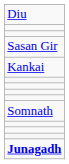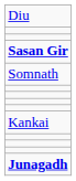 <table class="wikitable">
 <tr>
 <td><a href='#'>Diu</a></td>
 </tr>
 <tr>
 <td></td>
 </tr>
 <tr>
 <td></td>
 </tr>
 <tr>
-<td><a href='#'>Sasan Gir</a></td>
+<td><strong><a href='#'>Sasan Gir</a></strong></td>
+</tr>
+<tr>
+<td><a href='#'>Somnath</a></td>
+</tr>
+<tr>
+<td></td>
+</tr>
+<tr>
+<td></td>
+</tr>
+<tr>
+<td></td>
+</tr>
+<tr>
+<td></td>
 </tr>
 <tr>
 <td><a href='#'>Kankai</a></td>
 </tr>
 <tr>
 <td></td>
 </tr>
 <tr>
 <td></td>
 </tr>
 <tr>
 <td></td>
 </tr>
 <tr>
-<td></td>
-</tr>
-<tr>
-<td><a href='#'>Somnath</a></td>
-</tr>
-<tr>
-<td></td>
-</tr>
-<tr>
-<td></td>
-</tr>
-<tr>
-<td></td>
-</tr>
-<tr>
 <td><strong><a href='#'>Junagadh</a></strong></td>
 </tr>
 </table>
